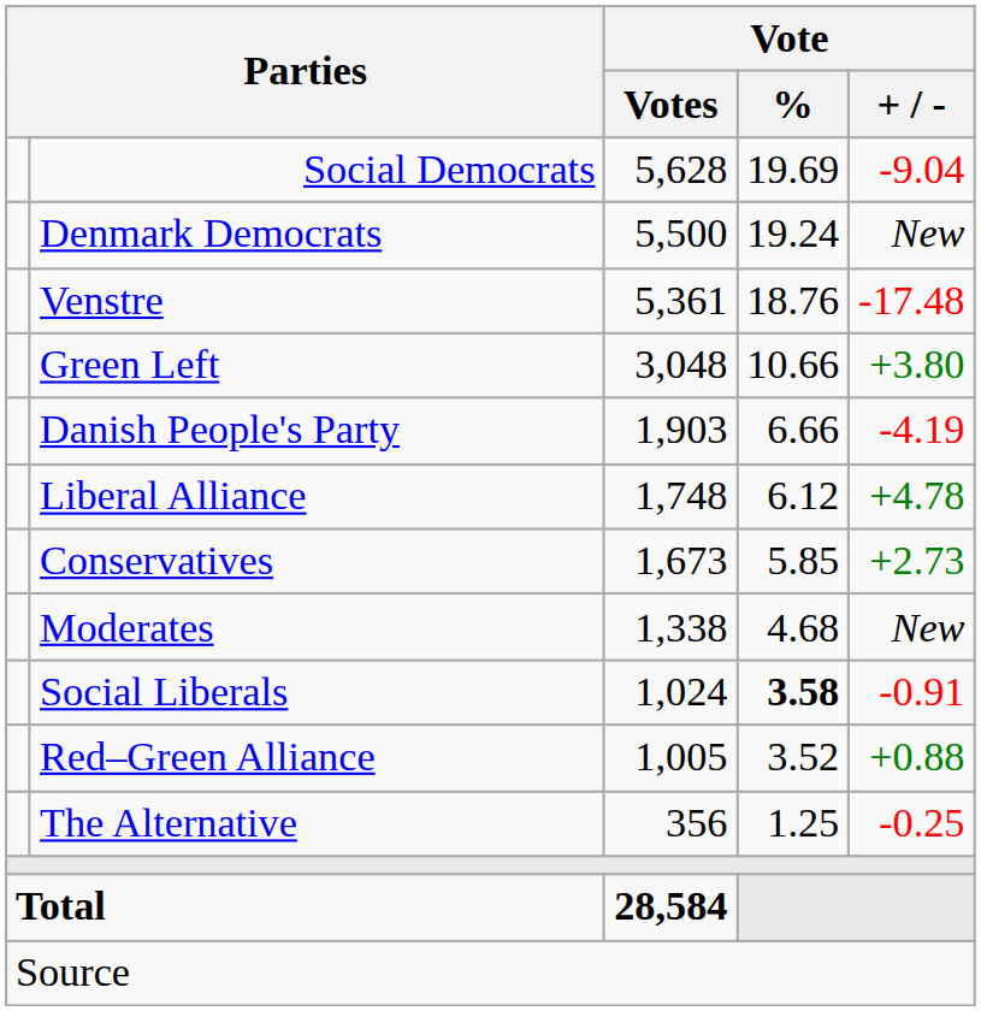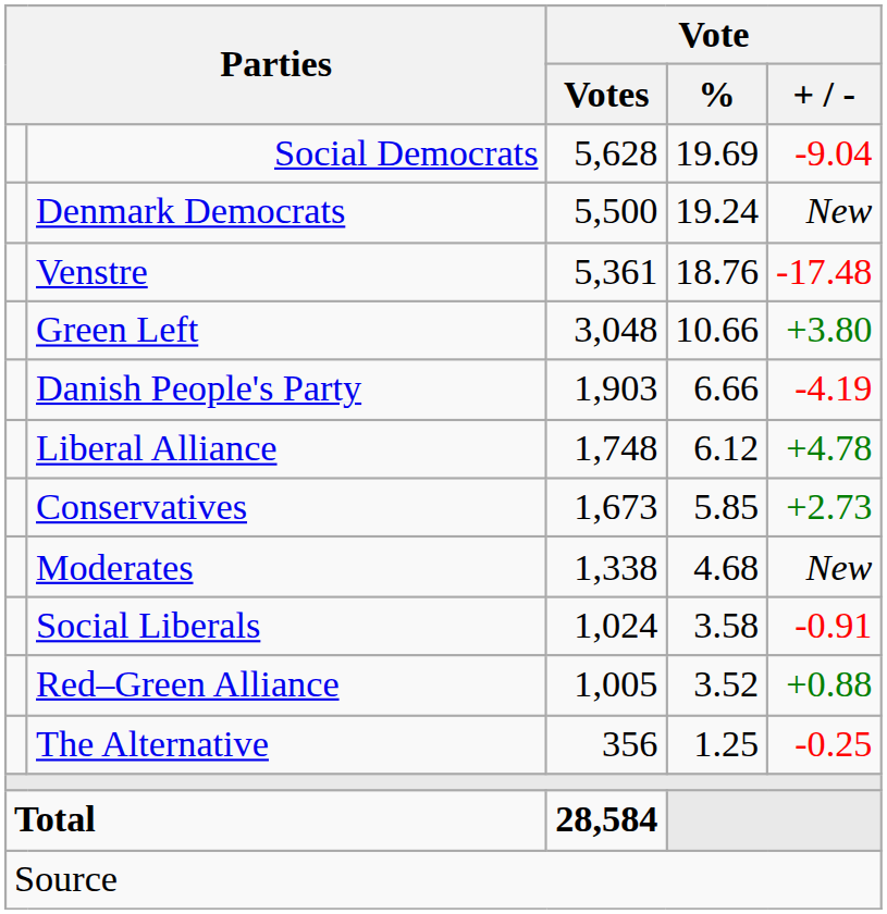 <table class="wikitable" style="text-align:right;">
 <tr>
 <th style="text-align:centre;" rowspan="2" colspan="2" width="225">Parties</th>
 <th colspan="3">Vote</th>
 </tr>
 <tr>
 <th width="15">Votes</th>
 <th width="15">%</th>
 <th width="15">+ / -</th>
 </tr>
 <tr>
 <td width=2 bgcolor=></td>
 <td><a href='#'>Social Democrats</a></td>
 <td>5,628</td>
 <td>19.69</td>
 <td style=color:red;>-9.04</td>
 </tr>
 <tr>
 <td width=2 bgcolor=></td>
 <td align=left><a href='#'>Denmark Democrats</a></td>
 <td>5,500</td>
 <td>19.24</td>
 <td><em>New</em></td>
 </tr>
 <tr>
 <td width=2 bgcolor=></td>
 <td align=left><a href='#'>Venstre</a></td>
 <td>5,361</td>
 <td>18.76</td>
 <td style=color:red;>-17.48</td>
 </tr>
 <tr>
 <td width=2 bgcolor=></td>
 <td align=left><a href='#'>Green Left</a></td>
 <td>3,048</td>
 <td>10.66</td>
 <td style=color:green;>+3.80</td>
 </tr>
 <tr>
 <td width=2 bgcolor=></td>
 <td align=left><a href='#'>Danish People's Party</a></td>
 <td>1,903</td>
 <td>6.66</td>
 <td style=color:red;>-4.19</td>
 </tr>
 <tr>
 <td width=2 bgcolor=></td>
 <td align=left><a href='#'>Liberal Alliance</a></td>
 <td>1,748</td>
 <td>6.12</td>
 <td style=color:green;>+4.78</td>
 </tr>
 <tr>
 <td width=2 bgcolor=></td>
 <td align=left><a href='#'>Conservatives</a></td>
 <td>1,673</td>
 <td>5.85</td>
 <td style=color:green;>+2.73</td>
 </tr>
 <tr>
 <td width=2 bgcolor=></td>
 <td align=left><a href='#'>Moderates</a></td>
 <td>1,338</td>
 <td>4.68</td>
 <td><em>New</em></td>
 </tr>
 <tr>
 <td width=2 bgcolor=></td>
 <td align=left><a href='#'>Social Liberals</a></td>
 <td>1,024</td>
-<td><strong>3.58</strong></td>
+<td>3.58</td>
 <td style=color:red;>-0.91</td>
 </tr>
 <tr>
 <td width=2 bgcolor=></td>
 <td align=left><a href='#'>Red–Green Alliance</a></td>
 <td>1,005</td>
 <td>3.52</td>
 <td style=color:green;>+0.88</td>
 </tr>
 <tr>
 <td width=2 bgcolor=></td>
 <td align=left><a href='#'>The Alternative</a></td>
 <td>356</td>
 <td>1.25</td>
 <td style=color:red;>-0.25</td>
 </tr>
 <tr>
 <td colspan="7" bgcolor="#E9E9E9"></td>
 </tr>
 <tr>
 <td align="left" colspan="2"><strong>Total</strong></td>
 <td><strong>28,584</strong></td>
 <td bgcolor=#E9E9E9 colspan=2></td>
 </tr>
 <tr>
 <td align="left" colspan="6">Source</td>
 </tr>
 </table>
